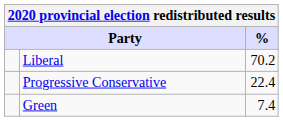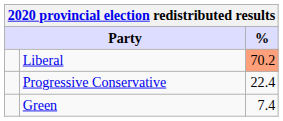 <table class="wikitable">
 <tr>
 <th colspan="4"><a href='#'>2020 provincial election</a> redistributed results</th>
 </tr>
 <tr>
 <th style="background:#DDDDFF" width="130px" colspan="2">Party</th>
 <th style="background:#DDDDFF" width="30px">%</th>
 </tr>
 <tr>
 <td> </td>
 <td><a href='#'>Liberal</a></td>
-<td style="text-align:right">70.2</td>
+<td style="background: lightsalmon; text-align:right">70.2</td>
 </tr>
 <tr>
 <td> </td>
 <td><a href='#'>Progressive Conservative</a></td>
 <td style="text-align:right">22.4</td>
 </tr>
 <tr>
 <td> </td>
 <td><a href='#'>Green</a></td>
 <td style="text-align:right">7.4</td>
 </tr>
 </table>
